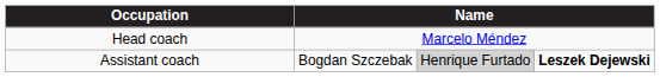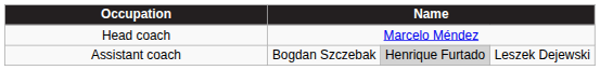 <table class="wikitable" style="font-size:100%; text-align:center">
 <tr>
 <th style="width:20em; color:#FFFFFF; background-color:#231F20">Occupation</th>
 <th colspan="3" style="width:25em; color:#FFFFFF; background-color:#231F20">Name</th>
 </tr>
 <tr>
 <td>Head coach</td>
 <td colspan="3"> <a href='#'>Marcelo Méndez</a></td>
 </tr>
 <tr>
 <td>Assistant coach</td>
 <td> Bogdan Szczebak</td>
 <td style="background: lightgrey;"> Henrique Furtado</td>
-<td><strong> Leszek Dejewski</strong></td>
+<td> Leszek Dejewski</td>
 </tr>
 </table>
